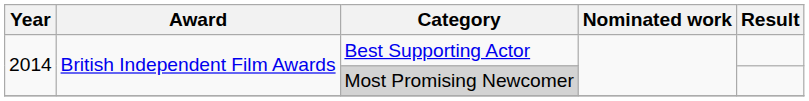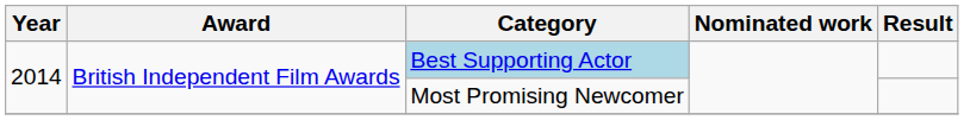 <table class="wikitable">
 <tr>
 <th>Year</th>
 <th>Award</th>
 <th>Category</th>
 <th>Nominated work</th>
 <th>Result</th>
 </tr>
 <tr>
 <td rowspan="2">2014</td>
 <td rowspan="2"><a href='#'>British Independent Film Awards</a></td>
-<td><a href='#'>Best Supporting Actor</a></td>
+<td style="background: lightblue;"><a href='#'>Best Supporting Actor</a></td>
 <td rowspan="2"></td>
 <td></td>
 </tr>
 <tr>
-<td style="background: lightgrey;">Most Promising Newcomer</td>
+<td>Most Promising Newcomer</td>
 <td></td>
 </tr>
 <tr>
 </tr>
 </table>
